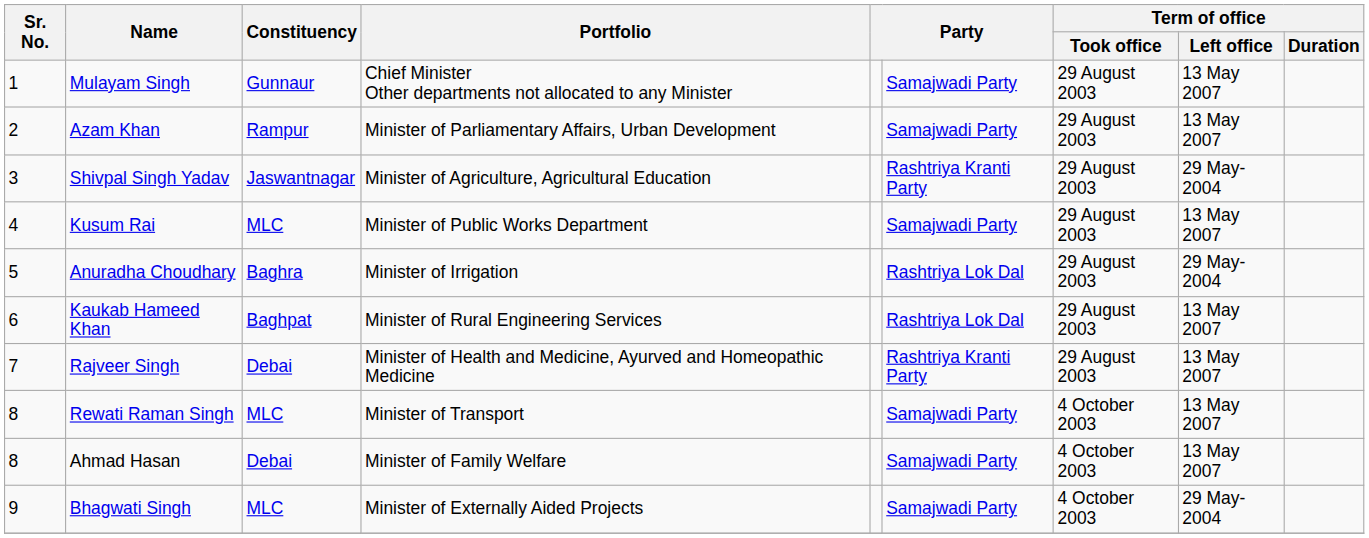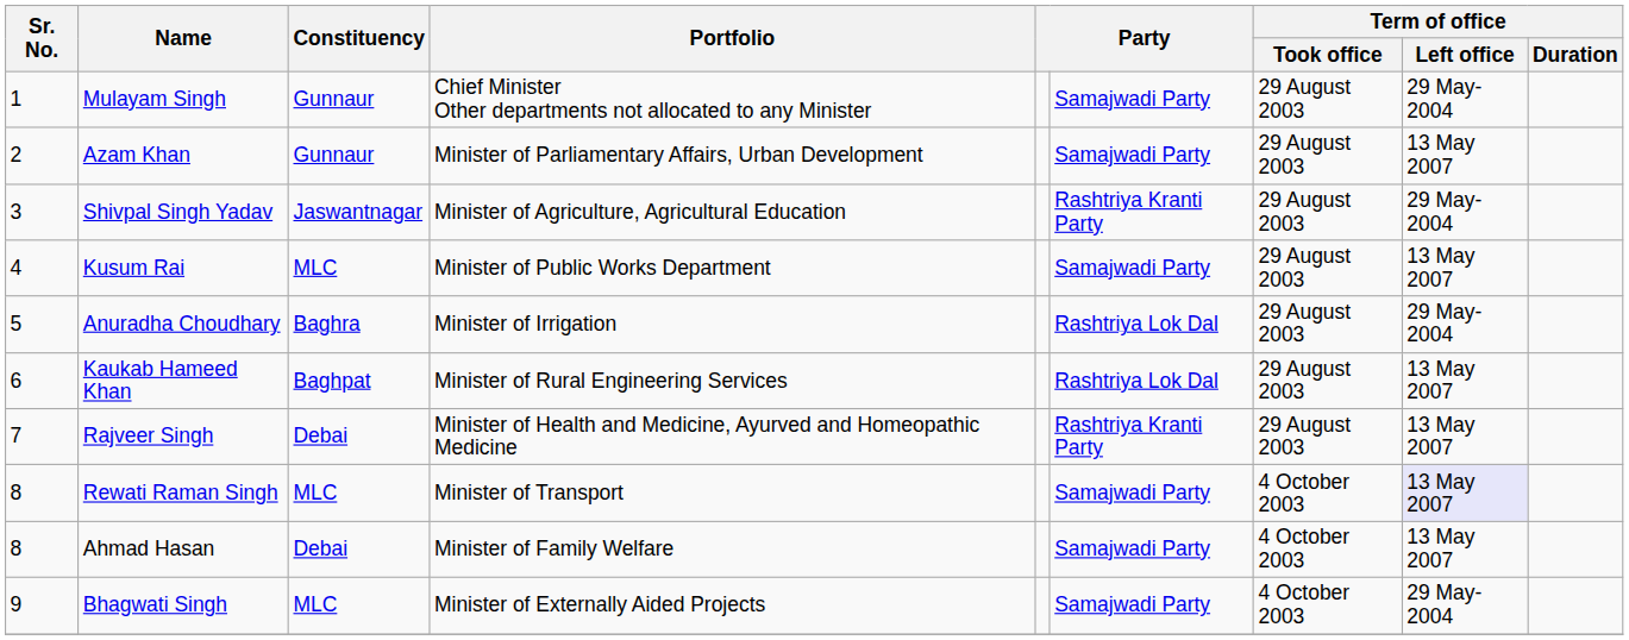 <table class="wikitable sortable">
 <tr>
 <th rowspan = "2">Sr. No.</th>
 <th rowspan = "2">Name</th>
 <th rowspan = "2">Constituency</th>
 <th rowspan = "2">Portfolio</th>
 <th rowspan = "2" colspan="2" scope="col">Party</th>
 <th colspan="3">Term of office</th>
 </tr>
 <tr>
 <th>Took office</th>
 <th>Left office</th>
 <th>Duration</th>
 </tr>
 <tr>
 <td>1</td>
 <td><a href='#'>Mulayam Singh</a></td>
 <td><a href='#'>Gunnaur</a></td>
 <td>Chief Minister <br> Other departments not allocated to any Minister</td>
 <td width="4px"></td>
 <td><a href='#'>Samajwadi Party</a></td>
 <td>29 August 2003</td>
-<td>13 May 2007</td>
+<td>29 May-2004</td>
 <td></td>
 </tr>
 <tr>
 <td>2</td>
 <td><a href='#'>Azam Khan</a></td>
-<td><a href='#'>Rampur</a></td>
+<td><a href='#'>Gunnaur</a></td>
 <td>Minister of Parliamentary Affairs, Urban Development</td>
 <td width="4px"></td>
 <td><a href='#'>Samajwadi Party</a></td>
 <td>29 August 2003</td>
 <td>13 May 2007</td>
 <td></td>
 </tr>
 <tr>
 <td>3</td>
 <td><a href='#'>Shivpal Singh Yadav</a></td>
 <td><a href='#'>Jaswantnagar</a></td>
 <td>Minister of Agriculture, Agricultural Education</td>
 <td width="4px"></td>
 <td><a href='#'>Rashtriya Kranti Party</a></td>
 <td>29 August 2003</td>
 <td>29 May-2004</td>
 <td></td>
 </tr>
 <tr>
 <td>4</td>
 <td><a href='#'>Kusum Rai</a></td>
 <td><a href='#'>MLC</a></td>
 <td>Minister of Public Works Department</td>
 <td width="4px"></td>
 <td><a href='#'>Samajwadi Party</a></td>
 <td>29 August 2003</td>
 <td>13 May 2007</td>
 <td></td>
 </tr>
 <tr>
 <td>5</td>
 <td><a href='#'>Anuradha Choudhary</a></td>
 <td><a href='#'>Baghra</a></td>
 <td>Minister of Irrigation</td>
 <td width="4px"></td>
 <td><a href='#'>Rashtriya Lok Dal</a></td>
 <td>29 August 2003</td>
 <td>29 May-2004</td>
 <td></td>
 </tr>
 <tr>
 <td>6</td>
 <td><a href='#'>Kaukab Hameed Khan</a></td>
 <td><a href='#'>Baghpat</a></td>
 <td>Minister of Rural Engineering Services</td>
 <td width="4px"></td>
 <td><a href='#'>Rashtriya Lok Dal</a></td>
 <td>29 August 2003</td>
 <td>13 May 2007</td>
 <td></td>
 </tr>
 <tr>
 <td>7</td>
 <td><a href='#'>Rajveer Singh</a></td>
 <td><a href='#'>Debai</a></td>
 <td>Minister of Health and Medicine, Ayurved and Homeopathic Medicine</td>
 <td width="4px"></td>
 <td><a href='#'>Rashtriya Kranti Party</a></td>
 <td>29 August 2003</td>
 <td>13 May 2007</td>
 <td></td>
 </tr>
 <tr>
 <td>8</td>
 <td><a href='#'>Rewati Raman Singh</a></td>
 <td><a href='#'>MLC</a></td>
 <td>Minister of Transport</td>
 <td width="4px"></td>
 <td><a href='#'>Samajwadi Party</a></td>
 <td>4 October 2003</td>
-<td>13 May 2007</td>
+<td style="background: lavender;">13 May 2007</td>
 <td></td>
 </tr>
 <tr>
 <td>8</td>
 <td>Ahmad Hasan</td>
 <td><a href='#'>Debai</a></td>
 <td>Minister of Family Welfare</td>
 <td width="4px"></td>
 <td><a href='#'>Samajwadi Party</a></td>
 <td>4 October 2003</td>
 <td>13 May 2007</td>
 <td></td>
 </tr>
 <tr>
 <td>9</td>
 <td><a href='#'>Bhagwati Singh</a></td>
 <td><a href='#'>MLC</a></td>
 <td>Minister of Externally Aided Projects</td>
 <td width="4px"></td>
 <td><a href='#'>Samajwadi Party</a></td>
 <td>4 October 2003</td>
 <td>29 May-2004</td>
 <td></td>
 </tr>
 <tr>
 </tr>
 </table>
